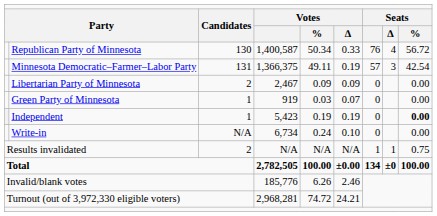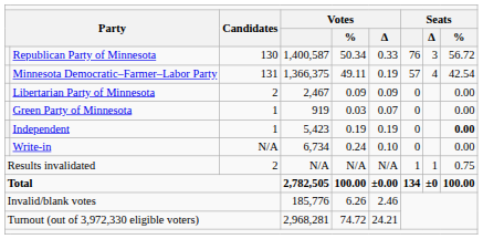 <table class="wikitable">
 <tr>
 <td colspan="9"></td>
 </tr>
 <tr>
 <th colspan="2" rowspan="2">Party</th>
 <th rowspan="2">Candidates</th>
 <th colspan="3">Votes</th>
 <th colspan="3">Seats</th>
 </tr>
 <tr>
 <th></th>
 <th>%</th>
 <th>∆</th>
 <th></th>
 <th>∆</th>
 <th>%</th>
 </tr>
 <tr>
 <td style="background-color:"></td>
 <td><a href='#'>Republican Party of Minnesota</a></td>
 <td align="right">130</td>
 <td align="right">1,400,587</td>
 <td align="right">50.34</td>
 <td align="right">0.33</td>
 <td align="right">76</td>
-<td align="right">4</td>
+<td align="right">3</td>
 <td align="right">56.72</td>
 </tr>
 <tr>
 <td style="background-color:"></td>
 <td><a href='#'>Minnesota Democratic–Farmer–Labor Party</a></td>
 <td align="right">131</td>
 <td align="right">1,366,375</td>
 <td align="right">49.11</td>
 <td align="right">0.19</td>
 <td align="right">57</td>
-<td align="right">3</td>
+<td align="right">4</td>
 <td align="right">42.54</td>
 </tr>
 <tr>
 <td style="background-color:"></td>
 <td><a href='#'>Libertarian Party of Minnesota</a></td>
 <td align="right">2</td>
 <td align="right">2,467</td>
 <td align="right">0.09</td>
 <td align="right">0.09</td>
 <td align="right">0</td>
 <td align="right"></td>
 <td align="right">0.00</td>
 </tr>
 <tr>
 <td style="background-color:"></td>
 <td><a href='#'>Green Party of Minnesota</a></td>
 <td align="right">1</td>
 <td align="right">919</td>
 <td align="right">0.03</td>
 <td align="right">0.07</td>
 <td align="right">0</td>
 <td align="right"></td>
 <td align="right">0.00</td>
 </tr>
 <tr>
 <th style="background-color:"></th>
 <td><a href='#'>Independent</a></td>
 <td align="right">1</td>
 <td align="right">5,423</td>
 <td align="right">0.19</td>
 <td align="right">0.19</td>
 <td align="right">0</td>
 <td align="right"></td>
 <td align="right"><strong>0.00</strong></td>
 </tr>
 <tr>
 <td style="background-color:"></td>
 <td><a href='#'>Write-in</a></td>
 <td align="right">N/A</td>
 <td align="right">6,734</td>
 <td align="right">0.24</td>
 <td align="right">0.10</td>
 <td align="right">0</td>
 <td align="right"></td>
 <td align="right">0.00</td>
 </tr>
 <tr>
 <td colspan="2">Results invalidated</td>
 <td align="right">2</td>
 <td align="right">N/A</td>
 <td align="right">N/A</td>
 <td align="right">N/A</td>
 <td align="right">1</td>
 <td align="right">1</td>
 <td align="right">0.75</td>
 </tr>
 <tr>
 <td colspan="3"><strong>Total</strong></td>
 <td align="right"><strong>2,782,505</strong></td>
 <td align="right"><strong>100.00</strong></td>
 <td align="right"><strong>±0.00</strong></td>
 <td align="right"><strong>134</strong></td>
 <td align="right"><strong>±0</strong></td>
 <td align="right"><strong>100.00</strong></td>
 </tr>
 <tr>
 <td colspan="3">Invalid/blank votes</td>
 <td align="right">185,776</td>
 <td align="right">6.26</td>
 <td align="right">2.46</td>
 <td colspan="3" rowspan="2"></td>
 </tr>
 <tr>
 <td colspan="3">Turnout (out of 3,972,330 eligible voters)</td>
 <td align="right">2,968,281</td>
 <td align="right">74.72</td>
 <td align="right">24.21</td>
 </tr>
 <tr>
 <td colspan="9"></td>
 </tr>
 </table>
